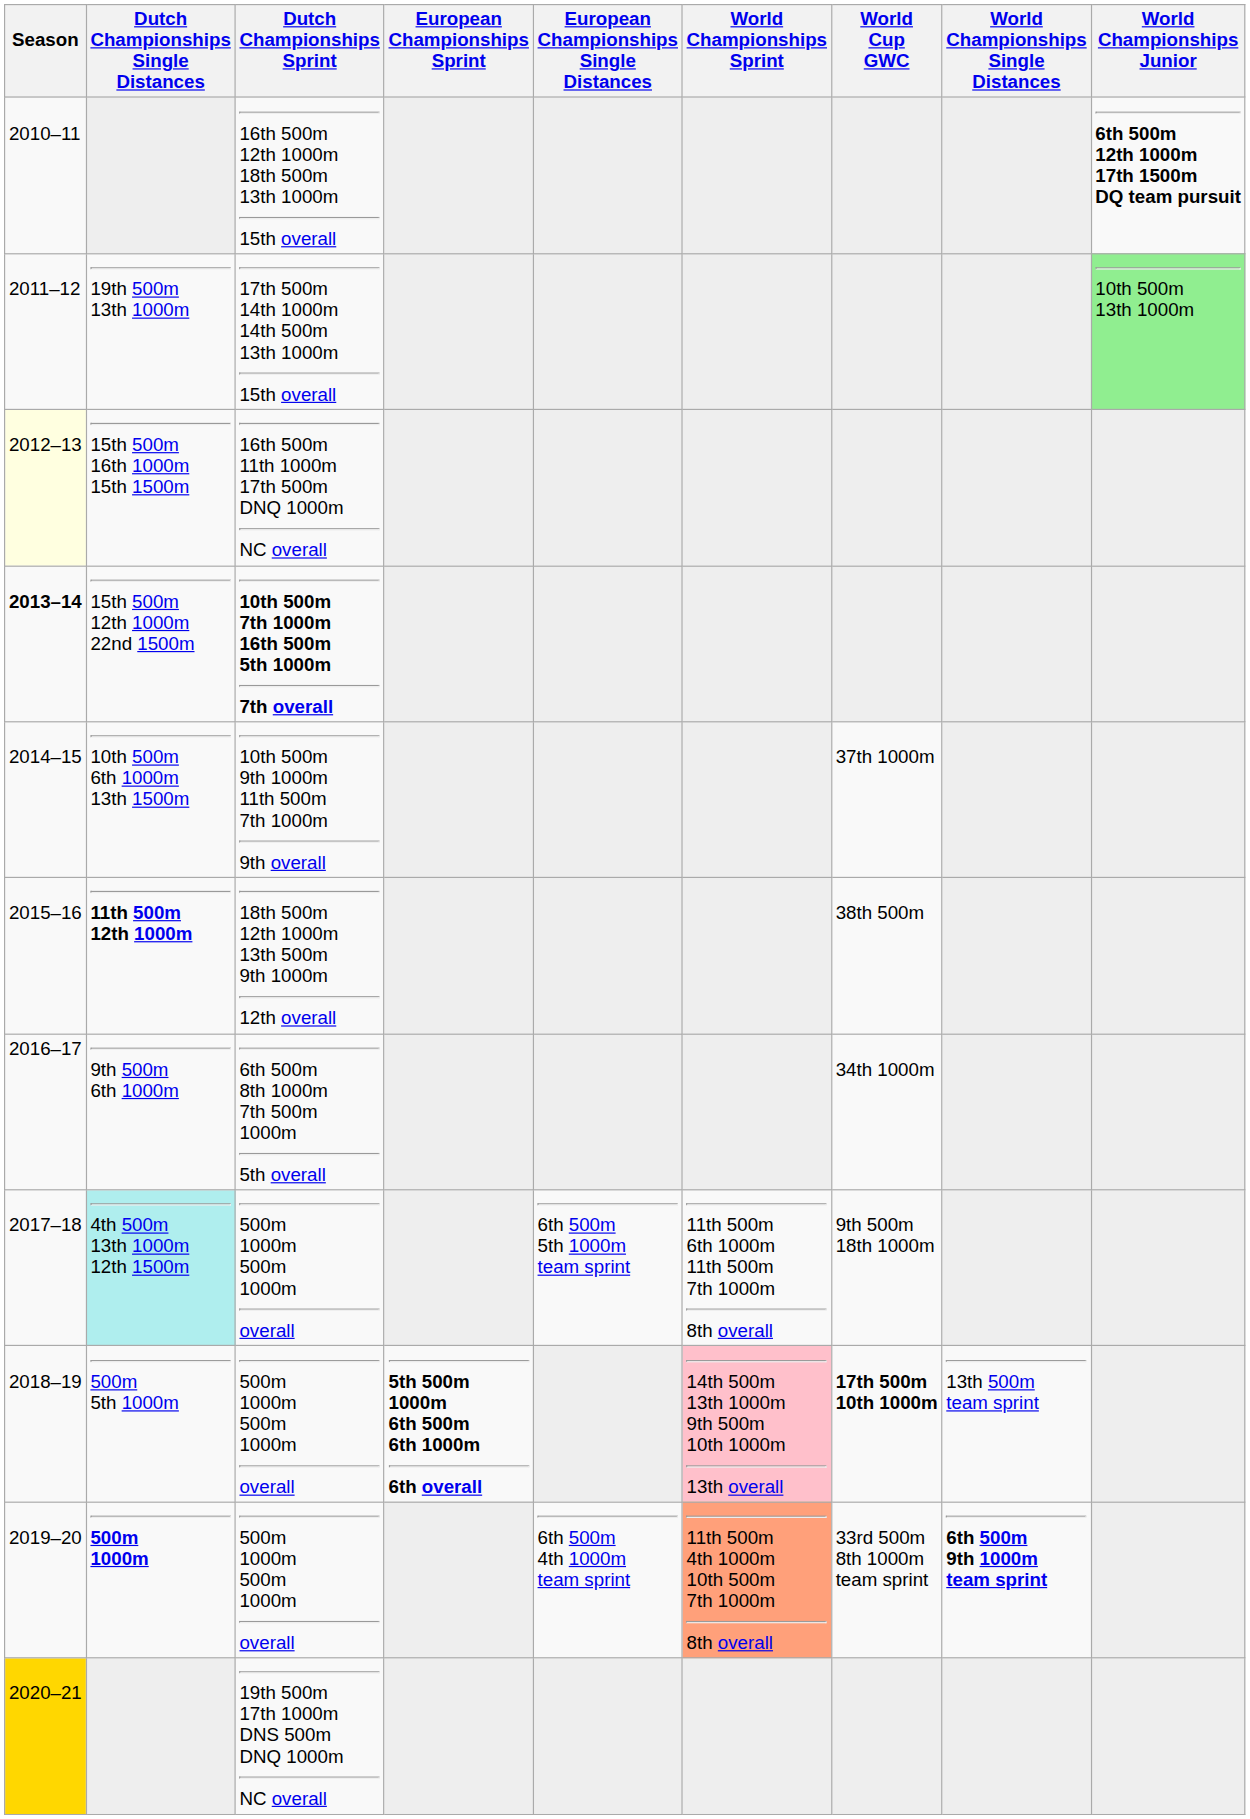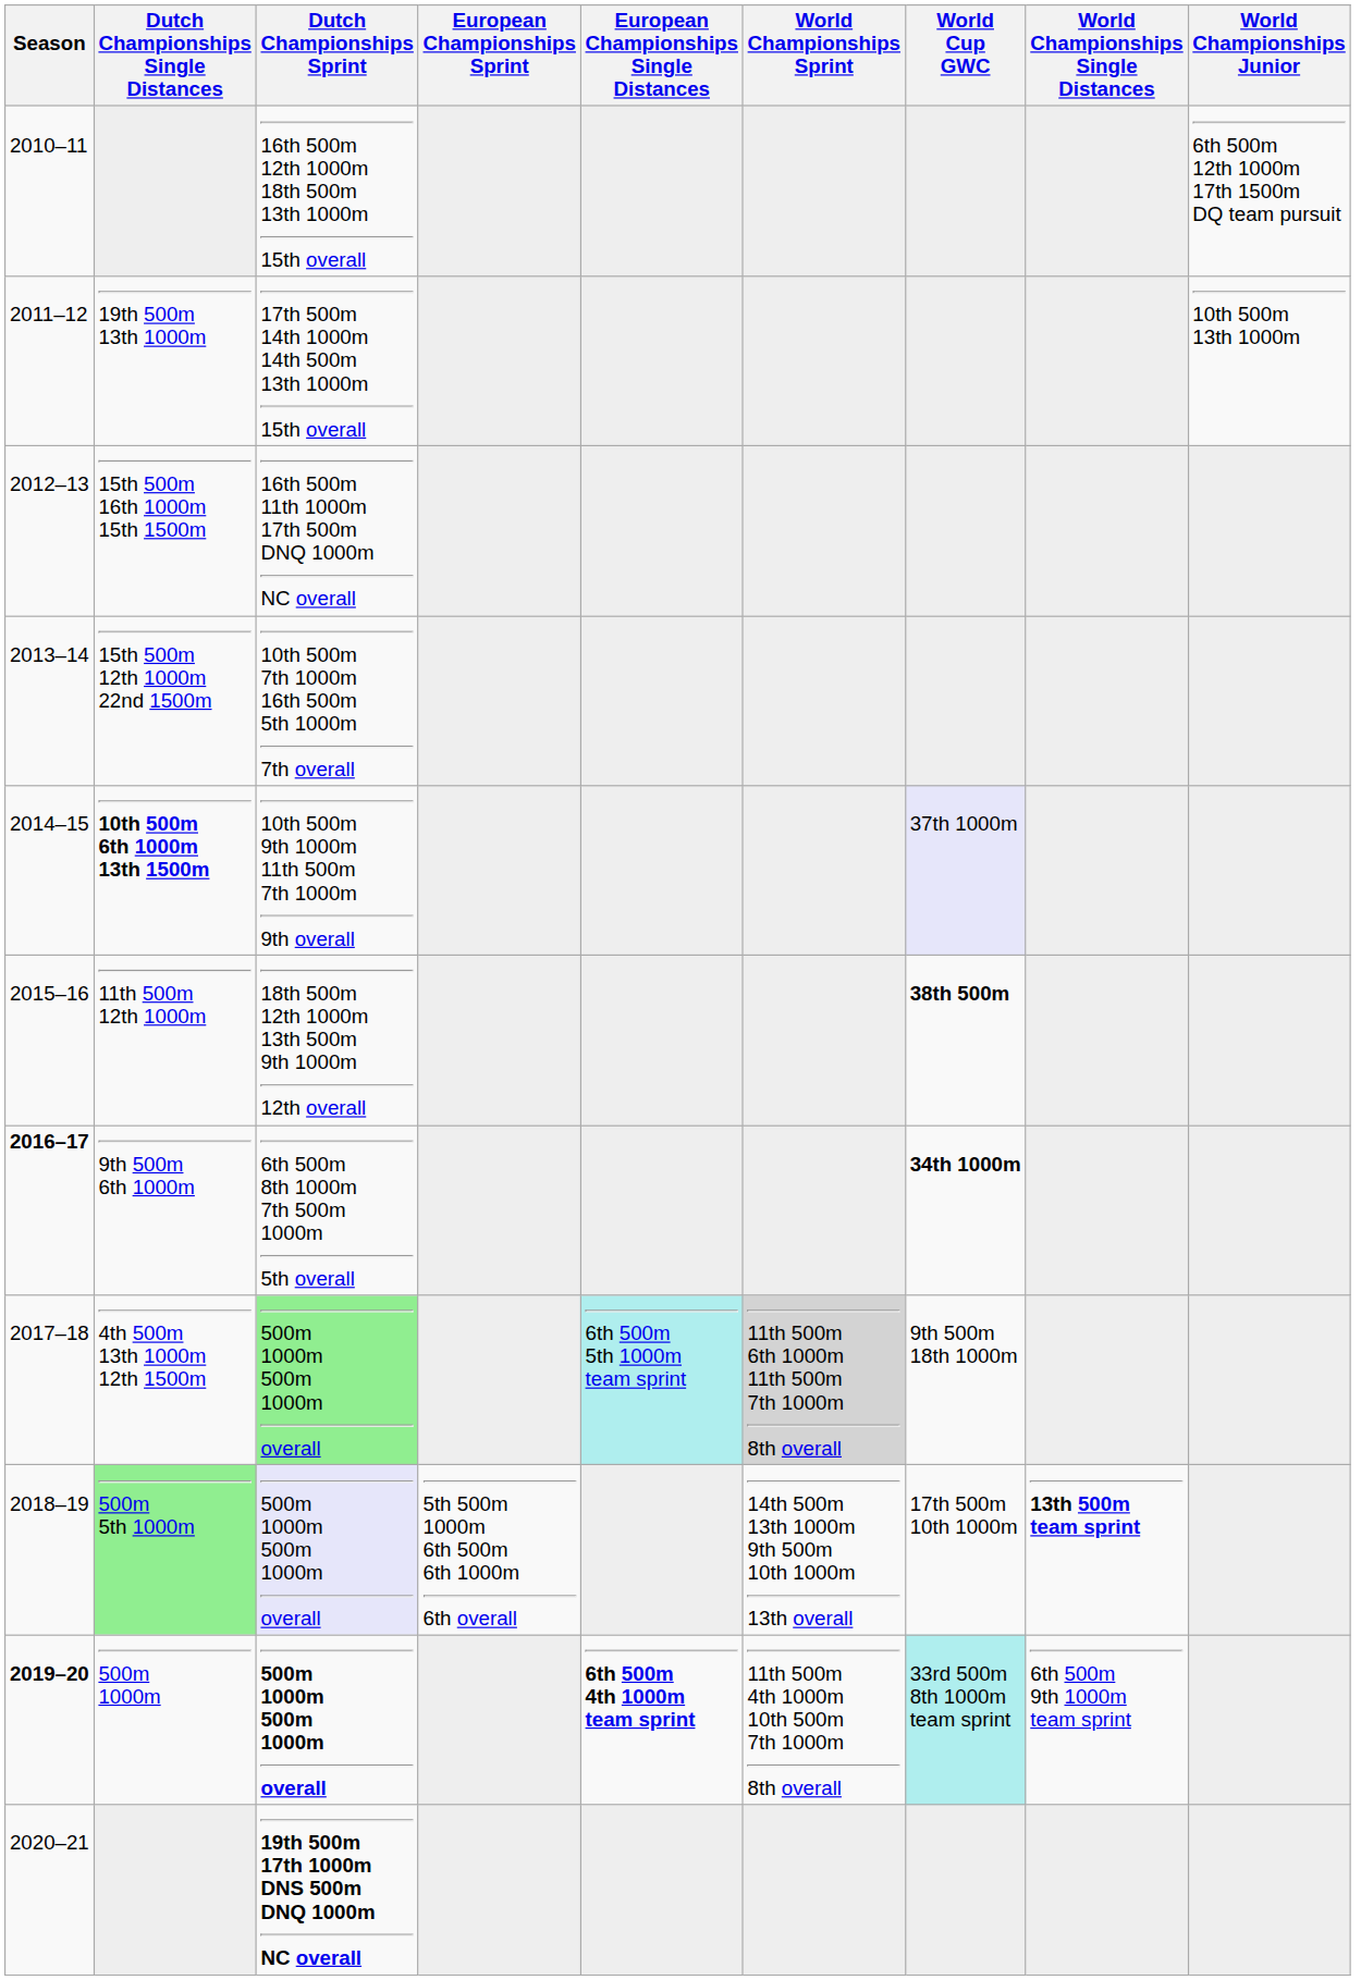 <table class="wikitable">
 <tr style="vertical-align: top;">
 <th><br> Season</th>
 <th><a href='#'>Dutch <br> Championships <br> Single <br> Distances</a></th>
 <th><a href='#'>Dutch <br> Championships <br> Sprint</a></th>
 <th><a href='#'>European <br> Championships <br> Sprint</a></th>
 <th><a href='#'>European <br> Championships <br> Single <br> Distances</a></th>
 <th><a href='#'>World <br> Championships <br> Sprint</a></th>
 <th><a href='#'>World <br> Cup <br> GWC</a></th>
 <th><a href='#'>World <br> Championships <br> Single <br> Distances</a></th>
 <th><a href='#'>World <br> Championships <br> Junior</a></th>
 </tr>
 <tr style="vertical-align: top;">
 <td><br> 2010–11</td>
 <td bgcolor=#EEEEEE></td>
 <td> <hr> 16th 500m <br> 12th 1000m <br> 18th 500m <br> 13th 1000m <hr> 15th <a href='#'>overall</a></td>
 <td bgcolor=#EEEEEE></td>
 <td bgcolor=#EEEEEE></td>
 <td bgcolor=#EEEEEE></td>
 <td bgcolor=#EEEEEE></td>
 <td bgcolor=#EEEEEE></td>
-<td><strong> <hr> 6th 500m <br> 12th 1000m <br> 17th 1500m <br> DQ team pursuit</strong></td>
+<td> <hr> 6th 500m <br> 12th 1000m <br> 17th 1500m <br> DQ team pursuit</td>
 </tr>
 <tr style="vertical-align: top;">
 <td><br> 2011–12</td>
 <td> <hr> 19th <a href='#'>500m</a> <br> 13th <a href='#'>1000m</a></td>
 <td> <hr> 17th 500m <br> 14th 1000m <br> 14th 500m <br> 13th 1000m <hr> 15th <a href='#'>overall</a></td>
 <td bgcolor=#EEEEEE></td>
 <td bgcolor=#EEEEEE></td>
 <td bgcolor=#EEEEEE></td>
 <td bgcolor=#EEEEEE></td>
 <td bgcolor=#EEEEEE></td>
-<td style="background: lightgreen;"> <hr> 10th 500m <br> 13th 1000m</td>
+<td> <hr> 10th 500m <br> 13th 1000m</td>
 </tr>
 <tr style="vertical-align: top;">
-<td style="background: lightyellow;"><br> 2012–13</td>
+<td><br> 2012–13</td>
 <td> <hr> 15th <a href='#'>500m</a> <br> 16th <a href='#'>1000m</a> <br> 15th <a href='#'>1500m</a></td>
 <td> <hr> 16th 500m <br> 11th 1000m <br> 17th 500m <br> DNQ 1000m <hr> NC <a href='#'>overall</a></td>
 <td bgcolor=#EEEEEE></td>
 <td bgcolor=#EEEEEE></td>
 <td bgcolor=#EEEEEE></td>
 <td bgcolor=#EEEEEE></td>
 <td bgcolor=#EEEEEE></td>
 <td bgcolor=#EEEEEE></td>
 </tr>
 <tr style="vertical-align: top;">
-<td><strong><br> 2013–14</strong></td>
+<td><br> 2013–14</td>
 <td> <hr> 15th <a href='#'>500m</a> <br> 12th <a href='#'>1000m</a> <br> 22nd <a href='#'>1500m</a></td>
-<td><strong> <hr> 10th 500m <br> 7th 1000m <br> 16th 500m <br> 5th 1000m <hr> 7th <a href='#'>overall</a></strong></td>
+<td> <hr> 10th 500m <br> 7th 1000m <br> 16th 500m <br> 5th 1000m <hr> 7th <a href='#'>overall</a></td>
 <td bgcolor=#EEEEEE></td>
 <td bgcolor=#EEEEEE></td>
 <td bgcolor=#EEEEEE></td>
 <td bgcolor=#EEEEEE></td>
 <td bgcolor=#EEEEEE></td>
 <td bgcolor=#EEEEEE></td>
 </tr>
 <tr style="vertical-align: top;">
 <td><br> 2014–15</td>
-<td> <hr> 10th <a href='#'>500m</a> <br> 6th <a href='#'>1000m</a> <br> 13th <a href='#'>1500m</a></td>
+<td><strong> <hr> 10th <a href='#'>500m</a> <br> 6th <a href='#'>1000m</a> <br> 13th <a href='#'>1500m</a></strong></td>
 <td> <hr> 10th 500m <br> 9th 1000m <br> 11th 500m <br> 7th 1000m <hr> 9th <a href='#'>overall</a></td>
 <td bgcolor=#EEEEEE></td>
 <td bgcolor=#EEEEEE></td>
 <td bgcolor=#EEEEEE></td>
-<td><br> 37th 1000m</td>
+<td style="background: lavender;"><br> 37th 1000m</td>
 <td bgcolor=#EEEEEE></td>
 <td bgcolor=#EEEEEE></td>
 </tr>
 <tr style="vertical-align: top;">
 <td><br> 2015–16</td>
-<td><strong> <hr> 11th <a href='#'>500m</a> <br> 12th <a href='#'>1000m</a></strong></td>
+<td> <hr> 11th <a href='#'>500m</a> <br> 12th <a href='#'>1000m</a></td>
 <td> <hr> 18th 500m <br> 12th 1000m <br> 13th 500m <br> 9th 1000m <hr> 12th <a href='#'>overall</a></td>
 <td bgcolor=#EEEEEE></td>
 <td bgcolor=#EEEEEE></td>
 <td bgcolor=#EEEEEE></td>
-<td><br> 38th 500m</td>
+<td><strong><br> 38th 500m</strong></td>
 <td bgcolor=#EEEEEE></td>
 <td bgcolor=#EEEEEE></td>
 </tr>
 <tr style="vertical-align: top;">
-<td>2016–17</td>
+<td><strong>2016–17</strong></td>
 <td> <hr> 9th <a href='#'>500m</a> <br> 6th <a href='#'>1000m</a></td>
 <td> <hr> 6th 500m <br> 8th 1000m <br> 7th 500m <br>  1000m <hr> 5th <a href='#'>overall</a></td>
 <td bgcolor=#EEEEEE></td>
 <td bgcolor=#EEEEEE></td>
 <td bgcolor=#EEEEEE></td>
-<td><br> 34th 1000m</td>
+<td><strong><br> 34th 1000m</strong></td>
 <td bgcolor=#EEEEEE></td>
 <td bgcolor=#EEEEEE></td>
 </tr>
 <tr style="vertical-align: top;">
 <td><br> 2017–18</td>
-<td style="background: paleturquoise;"> <hr>  4th <a href='#'>500m</a> <br> 13th <a href='#'>1000m</a> <br> 12th <a href='#'>1500m</a></td>
-<td> <hr>  500m <br>  1000m <br>  500m <br>  1000m <hr>  <a href='#'>overall</a></td>
+<td> <hr>  4th <a href='#'>500m</a> <br> 13th <a href='#'>1000m</a> <br> 12th <a href='#'>1500m</a></td>
+<td style="background: lightgreen;"> <hr>  500m <br>  1000m <br>  500m <br>  1000m <hr>  <a href='#'>overall</a></td>
 <td bgcolor=#EEEEEE></td>
-<td> <hr> 6th <a href='#'>500m</a> <br> 5th <a href='#'>1000m</a> <br>  <a href='#'>team sprint</a></td>
-<td> <hr> 11th 500m <br> 6th 1000m <br> 11th 500m <br> 7th 1000m <hr> 8th <a href='#'>overall</a></td>
+<td style="background: paleturquoise;"> <hr> 6th <a href='#'>500m</a> <br> 5th <a href='#'>1000m</a> <br>  <a href='#'>team sprint</a></td>
+<td style="background: lightgrey;"> <hr> 11th 500m <br> 6th 1000m <br> 11th 500m <br> 7th 1000m <hr> 8th <a href='#'>overall</a></td>
 <td><br> 9th 500m <br> 18th 1000m</td>
 <td bgcolor=#EEEEEE></td>
 <td bgcolor=#EEEEEE></td>
 </tr>
 <tr style="vertical-align: top;">
 <td><br> 2018–19</td>
-<td> <hr>  <a href='#'>500m</a> <br> 5th <a href='#'>1000m</a></td>
-<td> <hr>  500m <br>  1000m <br>  500m <br>  1000m <hr>  <a href='#'>overall</a></td>
-<td><strong> <hr> 5th 500m <br>  1000m <br> 6th 500m <br> 6th 1000m <hr> 6th <a href='#'>overall</a></strong></td>
+<td style="background: lightgreen;"> <hr>  <a href='#'>500m</a> <br> 5th <a href='#'>1000m</a></td>
+<td style="background: lavender;"> <hr>  500m <br>  1000m <br>  500m <br>  1000m <hr>  <a href='#'>overall</a></td>
+<td> <hr> 5th 500m <br>  1000m <br> 6th 500m <br> 6th 1000m <hr> 6th <a href='#'>overall</a></td>
 <td bgcolor=#EEEEEE></td>
-<td style="background: pink;"> <hr> 14th 500m <br> 13th 1000m <br> 9th 500m <br> 10th 1000m <hr> 13th <a href='#'>overall</a></td>
-<td><strong><br> 17th 500m <br> 10th 1000m</strong></td>
-<td> <hr> 13th <a href='#'>500m</a> <br>  <a href='#'>team sprint</a></td>
+<td> <hr> 14th 500m <br> 13th 1000m <br> 9th 500m <br> 10th 1000m <hr> 13th <a href='#'>overall</a></td>
+<td><br> 17th 500m <br> 10th 1000m</td>
+<td><strong> <hr> 13th <a href='#'>500m</a> <br>  <a href='#'>team sprint</a></strong></td>
 <td bgcolor=#EEEEEE></td>
 </tr>
 <tr style="vertical-align: top;">
-<td><br> 2019–20</td>
-<td><strong> <hr>  <a href='#'>500m</a> <br>  <a href='#'>1000m</a></strong></td>
-<td> <hr>  500m <br>  1000m <br>  500m <br>  1000m <hr>  <a href='#'>overall</a></td>
+<td><strong><br> 2019–20</strong></td>
+<td> <hr>  <a href='#'>500m</a> <br>  <a href='#'>1000m</a></td>
+<td><strong> <hr>  500m <br>  1000m <br>  500m <br>  1000m <hr>  <a href='#'>overall</a></strong></td>
 <td bgcolor=#EEEEEE></td>
-<td> <hr> 6th <a href='#'>500m</a> <br> 4th <a href='#'>1000m</a> <br>  <a href='#'>team sprint</a></td>
-<td style="background: lightsalmon;"> <hr> 11th 500m <br> 4th 1000m <br> 10th 500m <br> 7th 1000m <hr> 8th <a href='#'>overall</a></td>
-<td><br> 33rd 500m <br> 8th 1000m <br>  team sprint</td>
-<td><strong> <hr> 6th <a href='#'>500m</a> <br> 9th <a href='#'>1000m</a> <br>  <a href='#'>team sprint</a></strong></td>
+<td><strong> <hr> 6th <a href='#'>500m</a> <br> 4th <a href='#'>1000m</a> <br>  <a href='#'>team sprint</a></strong></td>
+<td> <hr> 11th 500m <br> 4th 1000m <br> 10th 500m <br> 7th 1000m <hr> 8th <a href='#'>overall</a></td>
+<td style="background: paleturquoise;"><br> 33rd 500m <br> 8th 1000m <br>  team sprint</td>
+<td> <hr> 6th <a href='#'>500m</a> <br> 9th <a href='#'>1000m</a> <br>  <a href='#'>team sprint</a></td>
 <td bgcolor=#EEEEEE></td>
 </tr>
 <tr style="vertical-align: top;">
-<td style="background: gold;"><br> 2020–21</td>
+<td><br> 2020–21</td>
 <td bgcolor=#EEEEEE></td>
-<td> <hr> 19th 500m <br> 17th 1000m <br> DNS 500m <br> DNQ 1000m <hr> NC <a href='#'>overall</a></td>
+<td><strong> <hr> 19th 500m <br> 17th 1000m <br> DNS 500m <br> DNQ 1000m <hr> NC <a href='#'>overall</a></strong></td>
 <td bgcolor=#EEEEEE></td>
 <td bgcolor=#EEEEEE></td>
 <td bgcolor=#EEEEEE></td>
 <td bgcolor=#EEEEEE></td>
 <td bgcolor=#EEEEEE></td>
 <td bgcolor=#EEEEEE></td>
 </tr>
 </table>
